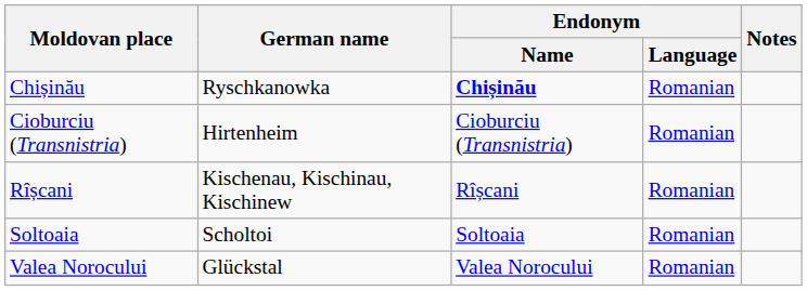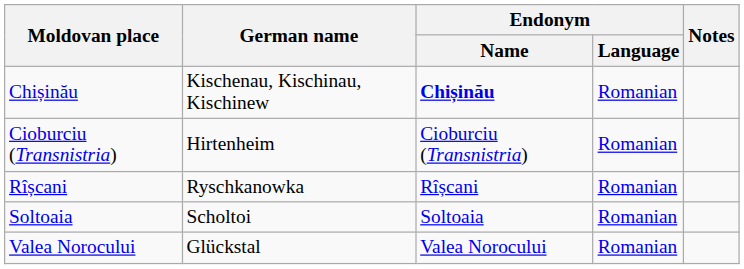 <table class="wikitable sortable mw-collapsible">
 <tr>
 <th rowspan="2">Moldovan place</th>
 <th rowspan="2">German name</th>
 <th colspan="2">Endonym</th>
 <th rowspan="2">Notes</th>
 </tr>
 <tr>
 <th>Name</th>
 <th>Language</th>
 </tr>
 <tr>
 <td><a href='#'>Chișinău</a></td>
-<td>Ryschkanowka</td>
+<td>Kischenau, Kischinau, Kischinew</td>
 <td><strong><a href='#'>Chișinău</a></strong></td>
 <td><a href='#'>Romanian</a></td>
 <td></td>
 </tr>
 <tr>
 <td><a href='#'>Cioburciu</a> (<em><a href='#'>Transnistria</a></em>)</td>
 <td>Hirtenheim</td>
 <td><a href='#'>Cioburciu</a> (<em><a href='#'>Transnistria</a></em>)</td>
 <td><a href='#'>Romanian</a></td>
 <td></td>
 </tr>
 <tr>
 <td><a href='#'>Rîșcani</a></td>
-<td>Kischenau, Kischinau, Kischinew</td>
+<td>Ryschkanowka</td>
 <td><a href='#'>Rîșcani</a></td>
 <td><a href='#'>Romanian</a></td>
 <td></td>
 </tr>
 <tr>
 <td><a href='#'>Soltoaia</a></td>
 <td>Scholtoi</td>
 <td><a href='#'>Soltoaia</a></td>
 <td><a href='#'>Romanian</a></td>
 <td></td>
 </tr>
 <tr>
 <td><a href='#'>Valea Norocului</a></td>
 <td>Glückstal</td>
 <td><a href='#'>Valea Norocului</a></td>
 <td><a href='#'>Romanian</a></td>
 <td></td>
 </tr>
 </table>
